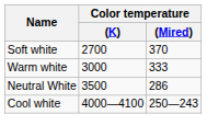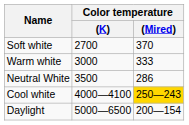 <table class="wikitable">
 <tr>
 <th rowspan=2>Name</th>
 <th colspan=2>Color temperature</th>
 </tr>
 <tr>
 <th>(<a href='#'>K</a>)</th>
 <th>(<a href='#'>Mired</a>)</th>
 </tr>
 <tr>
 <td>Soft white</td>
 <td style="background-color:#">2700</td>
 <td>370</td>
 </tr>
 <tr>
 <td>Warm white</td>
 <td style="background-color:#">3000</td>
 <td>333</td>
 </tr>
 <tr>
 <td>Neutral White</td>
 <td style="background-color:#">3500</td>
 <td>286</td>
 </tr>
 <tr>
 <td>Cool white</td>
 <td style="background-color:#">4000—4100</td>
-<td>250—243</td>
+<td style="background: gold;">250—243</td>
+</tr>
+<tr>
+<td>Daylight</td>
+<td style="background-color:#">5000—6500</td>
+<td>200—154</td>
 </tr>
 </table>
